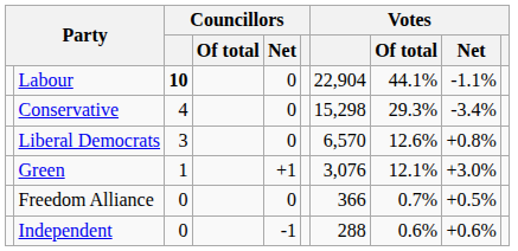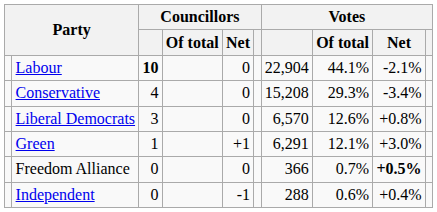 <table class="wikitable sortable" style="text-align:center;">
 <tr>
 <th colspan="2" rowspan="2">Party</th>
 <th colspan="4">Councillors</th>
 <th colspan="4">Votes</th>
 </tr>
 <tr>
 <th></th>
 <th>Of total</th>
 <th>Net</th>
 <th class="unsortable"></th>
 <th></th>
 <th>Of total</th>
 <th>Net</th>
 <th class="unsortable"></th>
 </tr>
 <tr>
 <td style="background:"></td>
 <td style="text-align:left;"><a href='#'>Labour</a></td>
 <td style="text-align:right;"><strong>10</strong></td>
 <td style="text-align:right;"></td>
 <td style="text-align:right;">0</td>
 <td data-sort-value=""></td>
 <td style="text-align:right;">22,904</td>
 <td style="text-align:right;">44.1%</td>
-<td style="text-align:right;">-1.1%</td>
+<td style="text-align:right;">-2.1%</td>
 <td></td>
 </tr>
 <tr>
 <td style="background:"></td>
 <td style="text-align:left;"><a href='#'>Conservative</a></td>
 <td style="text-align:right;">4</td>
 <td style="text-align:right;"></td>
 <td style="text-align:right;">0</td>
 <td data-sort-value=""></td>
-<td style="text-align:right;">15,298</td>
+<td style="text-align:right;">15,208</td>
 <td style="text-align:right;">29.3%</td>
 <td style="text-align:right;">-3.4%</td>
 <td></td>
 </tr>
 <tr>
 <td style="background:"></td>
 <td style="text-align:left;"><a href='#'>Liberal Democrats</a></td>
 <td style="text-align:right;">3</td>
 <td style="text-align:right;"></td>
 <td style="text-align:right;">0</td>
 <td data-sort-value=""></td>
 <td style="text-align:right;">6,570</td>
 <td style="text-align:right;">12.6%</td>
 <td style="text-align:right;">+0.8%</td>
 <td></td>
 </tr>
 <tr>
 <td style="background:"></td>
 <td style="text-align:left;"><a href='#'>Green</a></td>
 <td style="text-align:right;">1</td>
 <td style="text-align:right;"></td>
 <td style="text-align:right;">+1</td>
 <td data-sort-value=""></td>
-<td style="text-align:right;">3,076</td>
+<td style="text-align:right;">6,291</td>
 <td style="text-align:right;">12.1%</td>
 <td style="text-align:right;">+3.0%</td>
 <td></td>
 </tr>
 <tr>
 <td style="background:"></td>
 <td style="text-align:left;">Freedom Alliance</td>
 <td style="text-align:right;">0</td>
 <td style="text-align:right;"></td>
 <td style="text-align:right;">0</td>
 <td data-sort-value=""></td>
 <td style="text-align:right;">366</td>
 <td style="text-align:right;">0.7%</td>
-<td style="text-align:right;">+0.5%</td>
+<td style="text-align:right;"><strong>+0.5%</strong></td>
 <td></td>
 </tr>
 <tr>
 <td style="background:"></td>
 <td style="text-align:left;"><a href='#'>Independent</a></td>
 <td style="text-align:right;">0</td>
 <td style="text-align:right;"></td>
 <td style="text-align:right;">-1</td>
 <td data-sort-value=""></td>
 <td style="text-align:right;">288</td>
 <td style="text-align:right;">0.6%</td>
-<td style="text-align:right;">+0.6%</td>
+<td style="text-align:right;">+0.4%</td>
 <td></td>
 </tr>
 </table>
